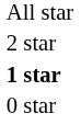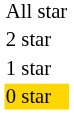 <table>
 <tr>
 <td>All star</td>
 <td></td>
 </tr>
 <tr>
 <td>2 star</td>
 <td></td>
 </tr>
 <tr>
-<td><strong>1 star</strong></td>
+<td>1 star</td>
 <td></td>
 </tr>
 <tr>
-<td>0 star</td>
+<td style="background: gold;">0 star</td>
 <td></td>
 </tr>
 <tr>
 </tr>
 </table>
